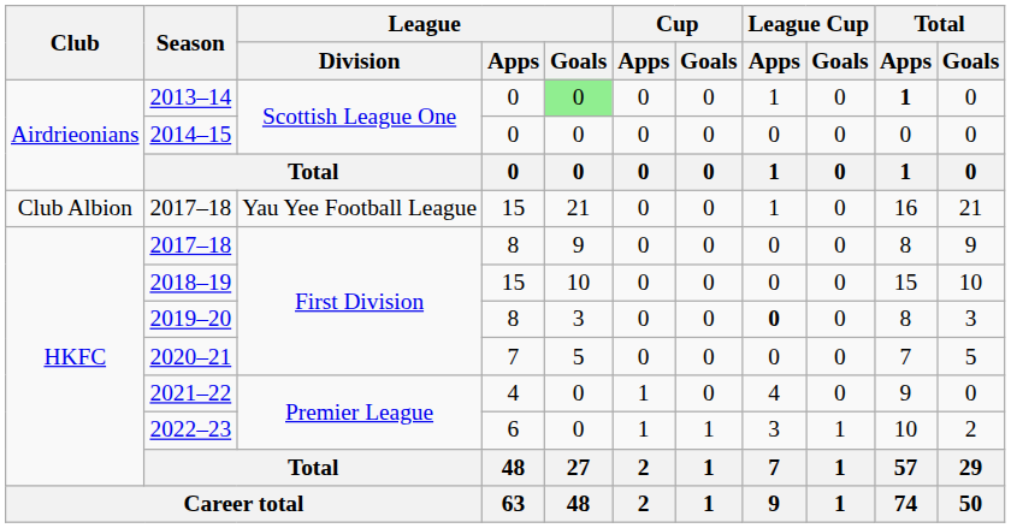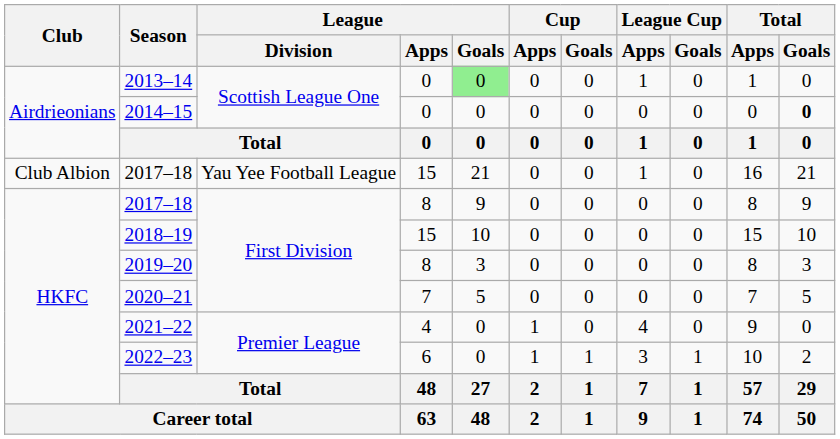 <table class="wikitable" style="text-align: center">
 <tr>
 <th rowspan="2">Club</th>
 <th rowspan="2">Season</th>
 <th colspan="3">League</th>
 <th colspan="2">Cup</th>
 <th colspan="2">League Cup</th>
 <th colspan="2">Total</th>
 </tr>
 <tr>
 <th>Division</th>
 <th>Apps</th>
 <th>Goals</th>
 <th>Apps</th>
 <th>Goals</th>
 <th>Apps</th>
 <th>Goals</th>
 <th>Apps</th>
 <th>Goals</th>
 </tr>
 <tr>
 <td rowspan="3"><a href='#'>Airdrieonians</a></td>
 <td><a href='#'>2013–14</a></td>
 <td rowspan="2"><a href='#'>Scottish League One</a></td>
 <td>0</td>
 <td style="background: lightgreen;">0</td>
 <td>0</td>
 <td>0</td>
 <td>1</td>
 <td>0</td>
-<td><strong>1</strong></td>
+<td>1</td>
 <td>0</td>
 </tr>
 <tr>
 <td><a href='#'>2014–15</a></td>
 <td>0</td>
 <td>0</td>
 <td>0</td>
 <td>0</td>
 <td>0</td>
 <td>0</td>
 <td>0</td>
-<td>0</td>
+<td><strong>0</strong></td>
 </tr>
 <tr>
 <th colspan="2">Total</th>
 <th>0</th>
 <th>0</th>
 <th>0</th>
 <th>0</th>
 <th>1</th>
 <th>0</th>
 <th>1</th>
 <th>0</th>
 </tr>
 <tr>
 <td>Club Albion</td>
 <td>2017–18</td>
 <td>Yau Yee Football League</td>
 <td>15</td>
 <td>21</td>
 <td>0</td>
 <td>0</td>
 <td>1</td>
 <td>0</td>
 <td>16</td>
 <td>21</td>
 </tr>
 <tr>
 <td rowspan="7"><a href='#'>HKFC</a></td>
 <td><a href='#'>2017–18</a></td>
 <td rowspan="4"><a href='#'>First Division</a></td>
 <td>8</td>
 <td>9</td>
 <td>0</td>
 <td>0</td>
 <td>0</td>
 <td>0</td>
 <td>8</td>
 <td>9</td>
 </tr>
 <tr>
 <td><a href='#'>2018–19</a></td>
 <td>15</td>
 <td>10</td>
 <td>0</td>
 <td>0</td>
 <td>0</td>
 <td>0</td>
 <td>15</td>
 <td>10</td>
 </tr>
 <tr>
 <td><a href='#'>2019–20</a></td>
 <td>8</td>
 <td>3</td>
 <td>0</td>
 <td>0</td>
-<td><strong>0</strong></td>
+<td>0</td>
 <td>0</td>
 <td>8</td>
 <td>3</td>
 </tr>
 <tr>
 <td><a href='#'>2020–21</a></td>
 <td>7</td>
 <td>5</td>
 <td>0</td>
 <td>0</td>
 <td>0</td>
 <td>0</td>
 <td>7</td>
 <td>5</td>
 </tr>
 <tr>
 <td><a href='#'>2021–22</a></td>
 <td rowspan="2"><a href='#'>Premier League</a></td>
 <td>4</td>
 <td>0</td>
 <td>1</td>
 <td>0</td>
 <td>4</td>
 <td>0</td>
 <td>9</td>
 <td>0</td>
 </tr>
 <tr>
 <td><a href='#'>2022–23</a></td>
 <td>6</td>
 <td>0</td>
 <td>1</td>
 <td>1</td>
 <td>3</td>
 <td>1</td>
 <td>10</td>
 <td>2</td>
 </tr>
 <tr>
 <th colspan="2">Total</th>
 <th>48</th>
 <th>27</th>
 <th>2</th>
 <th>1</th>
 <th>7</th>
 <th>1</th>
 <th>57</th>
 <th>29</th>
 </tr>
 <tr>
 <th colspan="3">Career total</th>
 <th>63</th>
 <th>48</th>
 <th>2</th>
 <th>1</th>
 <th>9</th>
 <th>1</th>
 <th>74</th>
 <th>50</th>
 </tr>
 </table>
